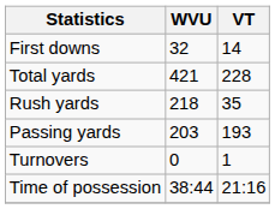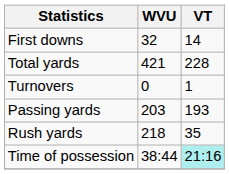 <table class="wikitable" style="float: left;">
 <tr>
 <th>Statistics</th>
 <th>WVU</th>
 <th>VT</th>
 </tr>
 <tr>
 <td>First downs</td>
 <td>32</td>
 <td>14</td>
 </tr>
 <tr>
 <td>Total yards</td>
 <td>421</td>
 <td>228</td>
 </tr>
 <tr>
-<td>Rush yards</td>
-<td>218</td>
-<td>35</td>
+<td>Turnovers</td>
+<td>0</td>
+<td>1</td>
 </tr>
 <tr>
 <td>Passing yards</td>
 <td>203</td>
 <td>193</td>
 </tr>
 <tr>
-<td>Turnovers</td>
-<td>0</td>
-<td>1</td>
+<td>Rush yards</td>
+<td>218</td>
+<td>35</td>
 </tr>
 <tr>
 <td>Time of possession</td>
 <td>38:44</td>
-<td>21:16</td>
+<td style="background: paleturquoise;">21:16</td>
 </tr>
 <tr>
 </tr>
 </table>
